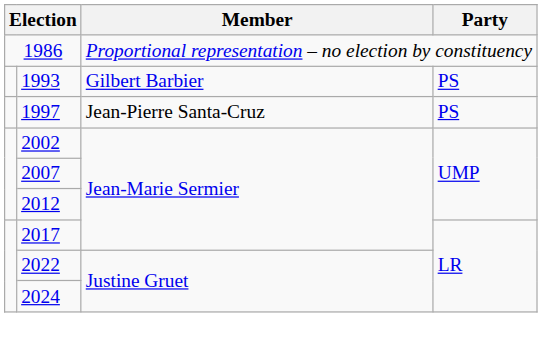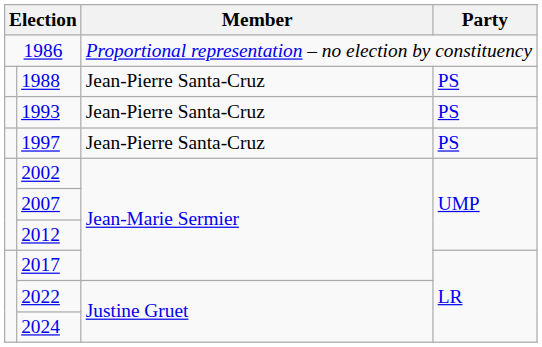 <table class="wikitable">
 <tr>
 <th colspan="2">Election</th>
 <th>Member</th>
 <th>Party</th>
 </tr>
 <tr>
 <td colspan="2" align="center"><a href='#'>1986</a></td>
 <td colspan="2"><em><a href='#'>Proportional representation</a> – no election by constituency</em></td>
 </tr>
 <tr>
 <td style="color:inherit;background-color: "></td>
+<td><a href='#'>1988</a></td>
+<td>Jean-Pierre Santa-Cruz</td>
+<td><a href='#'>PS</a></td>
+</tr>
+<tr>
+<td style="color:inherit;background-color: "></td>
 <td><a href='#'>1993</a></td>
-<td><a href='#'>Gilbert Barbier</a></td>
+<td>Jean-Pierre Santa-Cruz</td>
 <td><a href='#'>PS</a></td>
 </tr>
 <tr>
 <td style="color:inherit;background-color: "></td>
 <td><a href='#'>1997</a></td>
 <td>Jean-Pierre Santa-Cruz</td>
 <td><a href='#'>PS</a></td>
 </tr>
 <tr>
 <td rowspan="3" style="color:inherit;background-color: "></td>
 <td><a href='#'>2002</a></td>
 <td rowspan="4"><a href='#'>Jean-Marie Sermier</a></td>
 <td rowspan="3"><a href='#'>UMP</a></td>
 </tr>
 <tr>
 <td><a href='#'>2007</a></td>
 </tr>
 <tr>
 <td><a href='#'>2012</a></td>
 </tr>
 <tr>
 <td rowspan="3" style="color:inherit;background-color: "></td>
 <td><a href='#'>2017</a></td>
 <td rowspan="3"><a href='#'>LR</a></td>
 </tr>
 <tr>
 <td><a href='#'>2022</a></td>
 <td rowspan="2"><a href='#'>Justine Gruet</a></td>
 </tr>
 <tr>
 <td><a href='#'>2024</a></td>
 </tr>
 </table>
